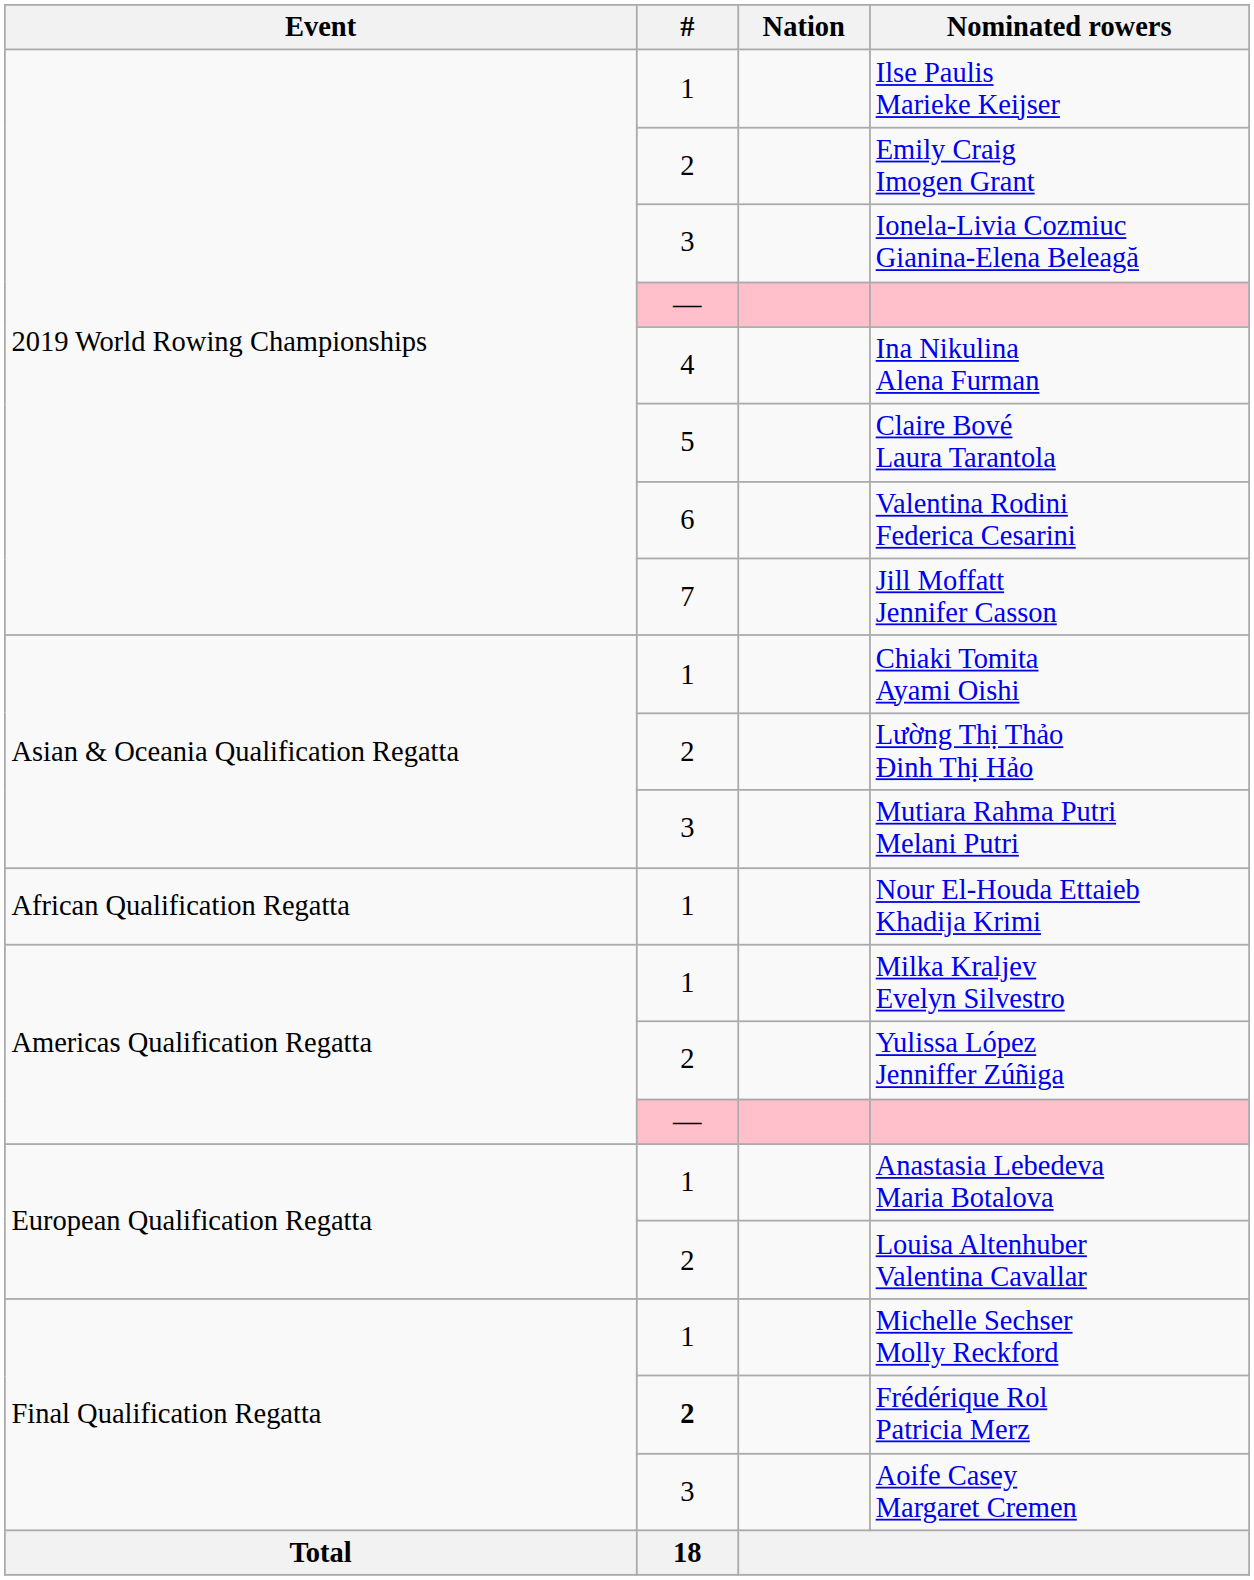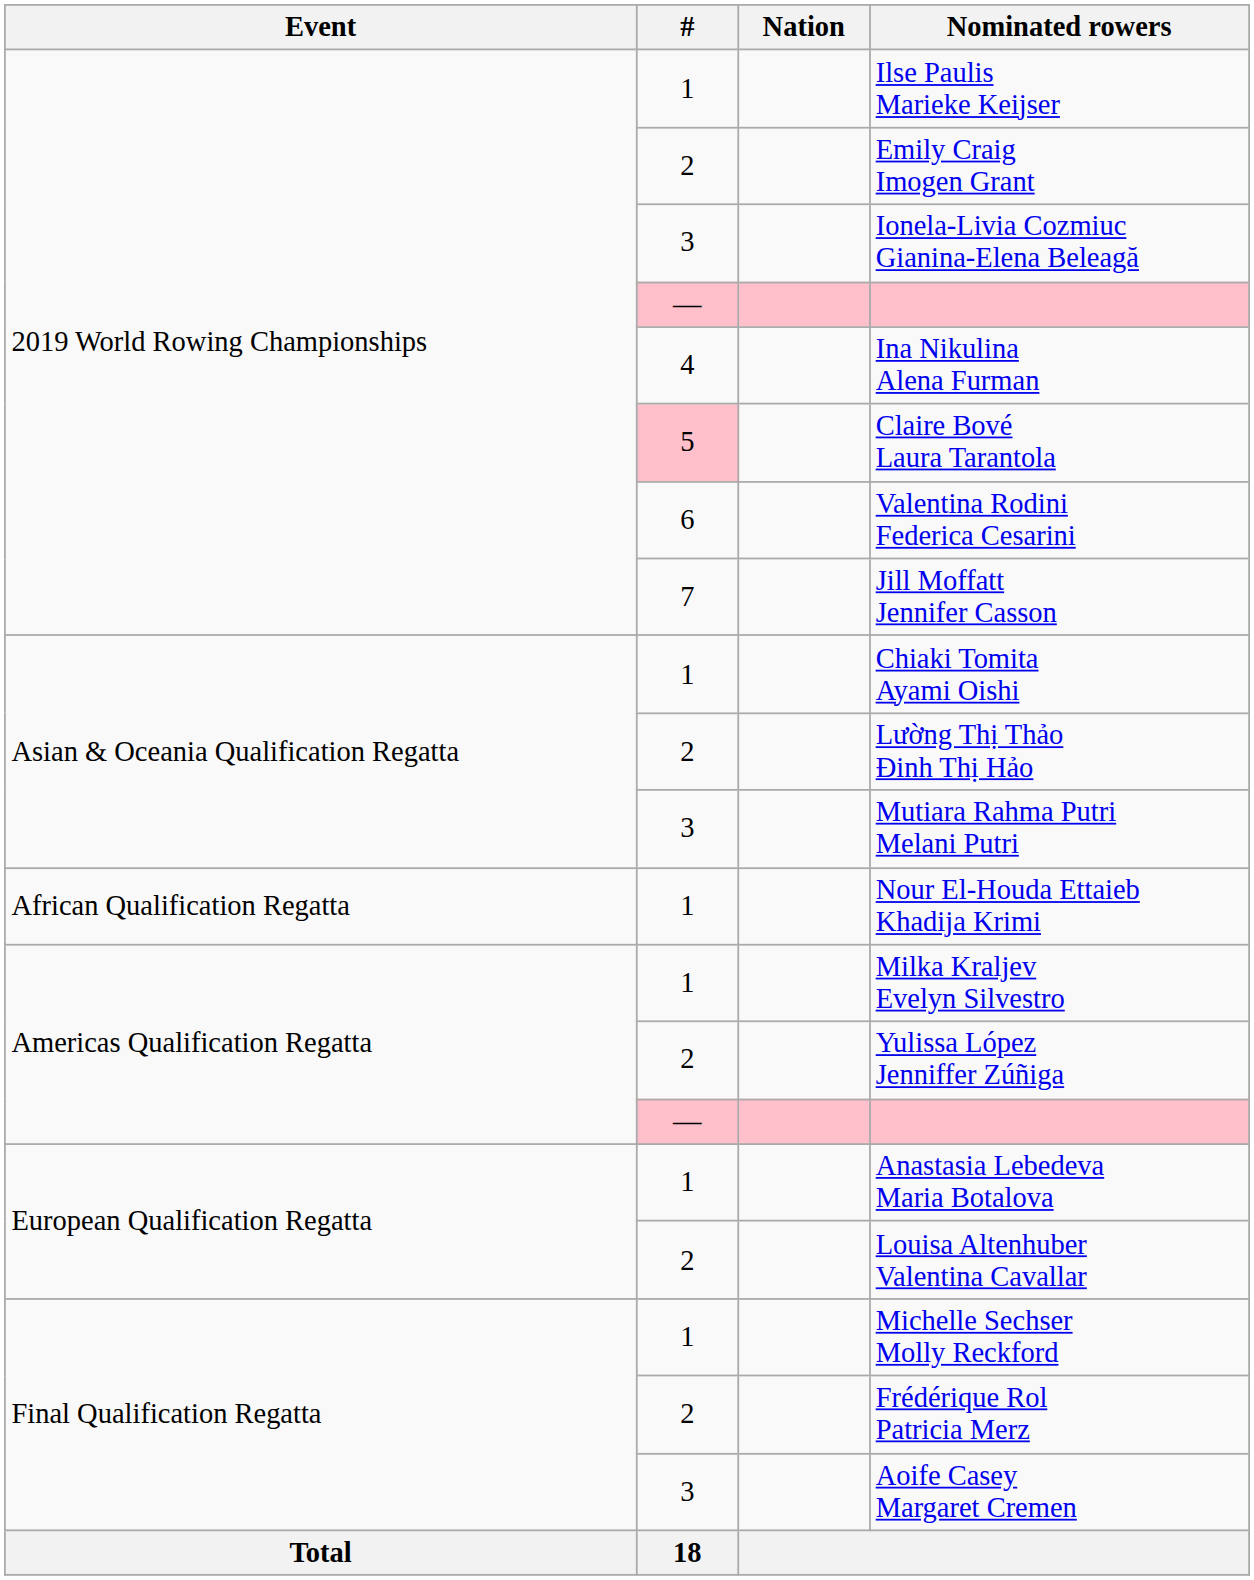 <table class="wikitable"  style="width:700px; text-align:center;">
 <tr>
 <th>Event</th>
 <th width=50>#</th>
 <th>Nation</th>
 <th>Nominated rowers</th>
 </tr>
 <tr>
 <td rowspan=8 align=left>2019 World Rowing Championships</td>
 <td>1</td>
 <td align=left></td>
 <td align=left><a href='#'>Ilse Paulis</a><br><a href='#'>Marieke Keijser</a></td>
 </tr>
 <tr>
 <td>2</td>
 <td align=left></td>
 <td align=left><a href='#'>Emily Craig</a><br><a href='#'>Imogen Grant</a></td>
 </tr>
 <tr>
 <td>3</td>
 <td align=left></td>
 <td align=left><a href='#'>Ionela-Livia Cozmiuc</a><br><a href='#'>Gianina-Elena Beleagă</a></td>
 </tr>
 <tr style="background:pink;">
 <td>—</td>
 <td align=left><s></s></td>
 <td align=left></td>
 </tr>
 <tr>
 <td>4</td>
 <td align=left></td>
 <td align=left><a href='#'>Ina Nikulina</a><br><a href='#'>Alena Furman</a></td>
 </tr>
 <tr>
-<td>5</td>
+<td style="background: pink;">5</td>
 <td align=left></td>
 <td align=left><a href='#'>Claire Bové</a><br><a href='#'>Laura Tarantola</a></td>
 </tr>
 <tr>
 <td>6</td>
 <td align=left></td>
 <td align=left><a href='#'>Valentina Rodini</a><br><a href='#'>Federica Cesarini</a></td>
 </tr>
 <tr>
 <td>7</td>
 <td align=left></td>
 <td align=left><a href='#'>Jill Moffatt</a><br><a href='#'>Jennifer Casson</a></td>
 </tr>
 <tr>
 <td rowspan=3 align=left>Asian & Oceania Qualification Regatta</td>
 <td>1</td>
 <td align=left></td>
 <td align=left><a href='#'>Chiaki Tomita</a><br><a href='#'>Ayami Oishi</a></td>
 </tr>
 <tr>
 <td>2</td>
 <td align=left></td>
 <td align=left><a href='#'>Lường Thị Thảo</a><br><a href='#'>Đinh Thị Hảo</a></td>
 </tr>
 <tr>
 <td>3</td>
 <td align=left></td>
 <td align=left><a href='#'>Mutiara Rahma Putri</a><br><a href='#'>Melani Putri</a></td>
 </tr>
 <tr>
 <td align=left>African Qualification Regatta</td>
 <td>1</td>
 <td align=left></td>
 <td align=left><a href='#'>Nour El-Houda Ettaieb</a><br><a href='#'>Khadija Krimi</a></td>
 </tr>
 <tr>
 <td rowspan=3 align=left>Americas Qualification Regatta</td>
 <td>1</td>
 <td align=left></td>
 <td align=left><a href='#'>Milka Kraljev</a><br><a href='#'>Evelyn Silvestro</a></td>
 </tr>
 <tr>
 <td>2</td>
 <td align=left></td>
 <td align=left><a href='#'>Yulissa López</a><br><a href='#'>Jenniffer Zúñiga</a></td>
 </tr>
 <tr style="background:pink;">
 <td>—</td>
 <td align=left></td>
 <td align=left></td>
 </tr>
 <tr>
 <td rowspan=2 align=left>European Qualification Regatta</td>
 <td>1</td>
 <td align=left></td>
 <td align=left><a href='#'>Anastasia Lebedeva</a><br><a href='#'>Maria Botalova</a></td>
 </tr>
 <tr>
 <td>2</td>
 <td align=left></td>
 <td align=left><a href='#'>Louisa Altenhuber</a><br><a href='#'>Valentina Cavallar</a></td>
 </tr>
 <tr>
 <td rowspan=3 align=left>Final Qualification Regatta</td>
 <td>1</td>
 <td align=left></td>
 <td align=left><a href='#'>Michelle Sechser</a><br><a href='#'>Molly Reckford</a></td>
 </tr>
 <tr>
-<td><strong>2</strong></td>
+<td>2</td>
 <td align=left></td>
 <td align=left><a href='#'>Frédérique Rol</a><br><a href='#'>Patricia Merz</a></td>
 </tr>
 <tr>
 <td>3</td>
 <td align=left></td>
 <td align=left><a href='#'>Aoife Casey</a><br><a href='#'>Margaret Cremen</a></td>
 </tr>
 <tr>
 <th>Total</th>
 <th>18</th>
 <th colspan=2></th>
 </tr>
 </table>
